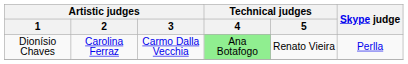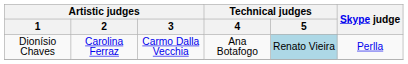 <table class="wikitable" style="font-size:100%; line-height:16px; text-align:center" width="100%">
 <tr>
 <th colspan=3 width="50.0%">Artistic judges</th>
 <th colspan=2 width="33.3%">Technical judges</th>
 <th rowspan=2 width="16.7%"><a href='#'>Skype</a> judge<br></th>
 </tr>
 <tr>
 <th width="16.7%">1</th>
 <th width="16.7%">2</th>
 <th width="16.7%">3</th>
 <th width="16.7%">4</th>
 <th width="16.7%">5</th>
 </tr>
 <tr>
 <td>Dionísio Chaves</td>
 <td><a href='#'>Carolina Ferraz</a></td>
 <td><a href='#'>Carmo Dalla Vecchia</a></td>
-<td style="background: lightgreen;">Ana Botafogo</td>
-<td>Renato Vieira</td>
+<td>Ana Botafogo</td>
+<td style="background: lightblue;">Renato Vieira</td>
 <td><a href='#'>Perlla</a></td>
 </tr>
 <tr>
 </tr>
 </table>
